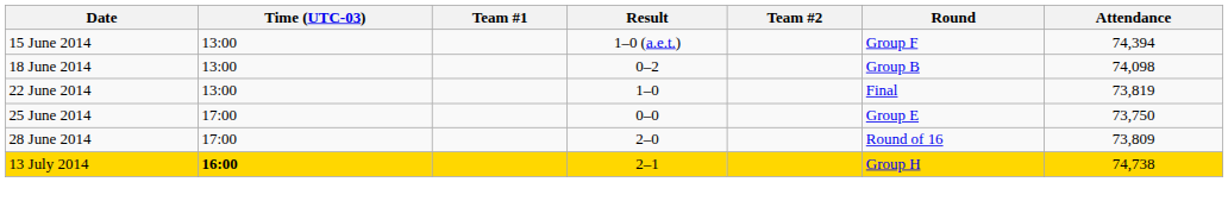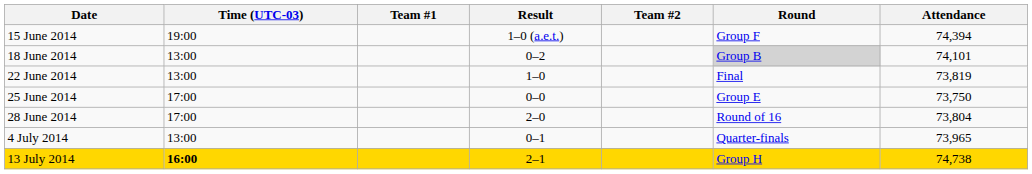 <table class="wikitable" style="text-align:left; width:100%;">
 <tr>
 <th>Date</th>
 <th>Time (<a href='#'>UTC-03</a>)</th>
 <th>Team #1</th>
 <th>Result</th>
 <th>Team #2</th>
 <th>Round</th>
 <th>Attendance</th>
 </tr>
 <tr>
 <td>15 June 2014</td>
-<td>13:00</td>
+<td>19:00</td>
 <td><strong></strong></td>
 <td style="text-align:center;">1–0 (<a href='#'>a.e.t.</a>)</td>
 <td></td>
 <td><a href='#'>Group F</a></td>
 <td style="text-align:center;">74,394</td>
 </tr>
 <tr>
 <td>18 June 2014</td>
 <td>13:00</td>
 <td></td>
 <td style="text-align:center;">0–2</td>
 <td><strong></strong></td>
-<td><a href='#'>Group B</a></td>
-<td style="text-align:center;">74,098</td>
+<td style="background: lightgrey;"><a href='#'>Group B</a></td>
+<td style="text-align:center;">74,101</td>
 </tr>
 <tr>
 <td>22 June 2014</td>
 <td>13:00</td>
 <td><strong></strong></td>
 <td style="text-align:center;">1–0</td>
 <td></td>
 <td><a href='#'>Final</a></td>
 <td style="text-align:center;">73,819</td>
 </tr>
 <tr>
 <td>25 June 2014</td>
 <td>17:00</td>
 <td></td>
 <td style="text-align:center;">0–0</td>
 <td></td>
 <td><a href='#'>Group E</a></td>
 <td style="text-align:center;">73,750</td>
 </tr>
 <tr>
 <td>28 June 2014</td>
 <td>17:00</td>
 <td><strong></strong></td>
 <td style="text-align:center;">2–0</td>
 <td></td>
 <td><a href='#'>Round of 16</a></td>
-<td style="text-align:center;">73,809</td>
+<td style="text-align:center;">73,804</td>
+</tr>
+<tr>
+<td>4 July 2014</td>
+<td>13:00</td>
+<td></td>
+<td style="text-align:center;">0–1</td>
+<td><strong></strong></td>
+<td><a href='#'>Quarter-finals</a></td>
+<td style="text-align:center;">73,965</td>
 </tr>
 <tr bgcolor=gold>
 <td>13 July 2014</td>
 <td><strong>16:00</strong></td>
 <td><strong></strong></td>
 <td style="text-align:center;">2–1</td>
 <td></td>
 <td><a href='#'>Group H</a></td>
 <td style="text-align:center;">74,738</td>
 </tr>
 </table>
